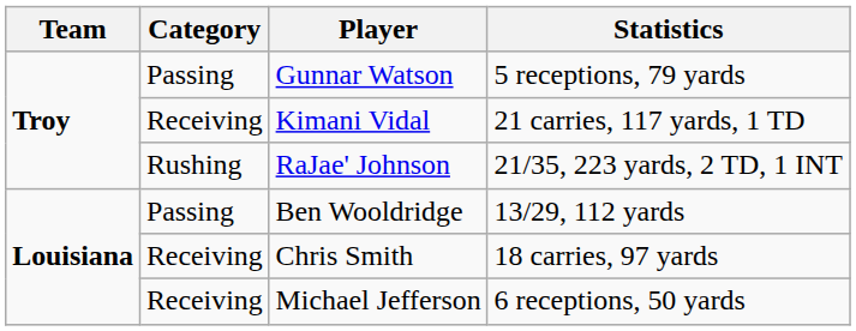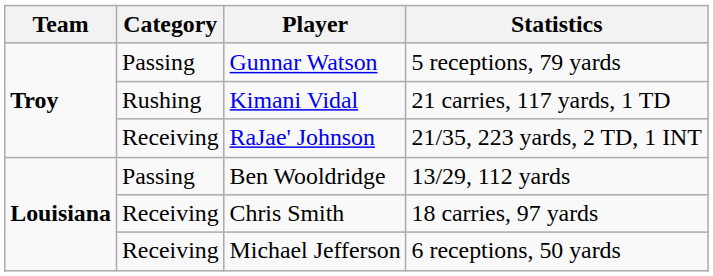 <table class="wikitable" style="float: left;">
 <tr>
 <th>Team</th>
 <th>Category</th>
 <th>Player</th>
 <th>Statistics</th>
 </tr>
 <tr>
 <td rowspan=3><strong>Troy</strong></td>
 <td>Passing</td>
 <td><a href='#'>Gunnar Watson</a></td>
 <td>5 receptions, 79 yards</td>
 </tr>
 <tr>
-<td>Receiving</td>
+<td>Rushing</td>
 <td><a href='#'>Kimani Vidal</a></td>
 <td>21 carries, 117 yards, 1 TD</td>
 </tr>
 <tr>
-<td>Rushing</td>
+<td>Receiving</td>
 <td><a href='#'>RaJae' Johnson</a></td>
 <td>21/35, 223 yards, 2 TD, 1 INT</td>
 </tr>
 <tr>
 <td rowspan=3><strong>Louisiana</strong></td>
 <td>Passing</td>
 <td>Ben Wooldridge</td>
 <td>13/29, 112 yards</td>
 </tr>
 <tr>
 <td>Receiving</td>
 <td>Chris Smith</td>
 <td>18 carries, 97 yards</td>
 </tr>
 <tr>
 <td>Receiving</td>
 <td>Michael Jefferson</td>
 <td>6 receptions, 50 yards</td>
 </tr>
 </table>
